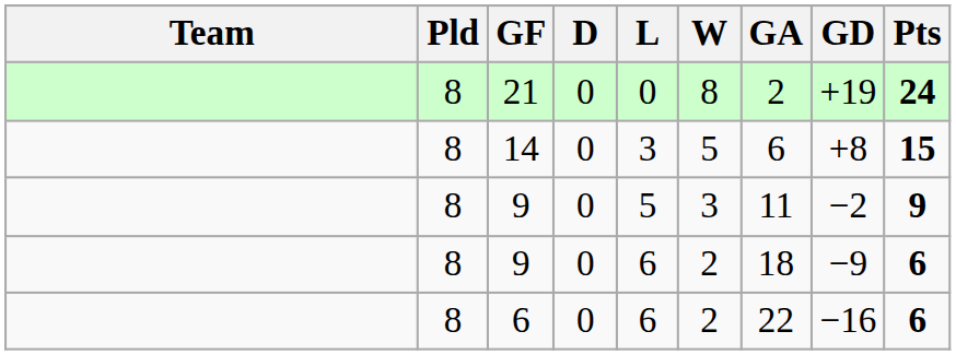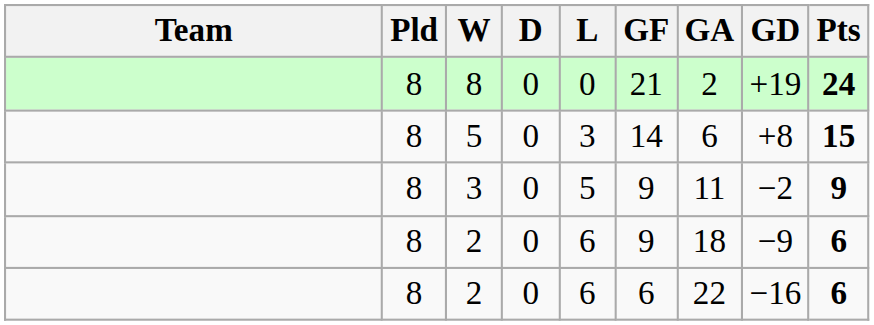 <table class="wikitable" style="text-align: center;">
 <tr>
 <th width="175">Team</th>
 <th width="20">Pld</th>
-<th width="20">GF</th>
+<th width="20">W</th>
 <th width="20">D</th>
 <th width="20">L</th>
-<th width="20">W</th>
+<th width="20">GF</th>
 <th width="20">GA</th>
 <th width="20">GD</th>
 <th width="20">Pts</th>
 </tr>
 <tr bgcolor="#ccffcc">
 <td align="left"></td>
 <td>8</td>
-<td>21</td>
+<td>8</td>
 <td>0</td>
 <td>0</td>
-<td>8</td>
+<td>21</td>
 <td>2</td>
 <td>+19</td>
 <td><strong>24</strong></td>
 </tr>
 <tr>
 <td align="left"></td>
 <td>8</td>
-<td>14</td>
+<td>5</td>
 <td>0</td>
 <td>3</td>
-<td>5</td>
+<td>14</td>
 <td>6</td>
 <td>+8</td>
 <td><strong>15</strong></td>
 </tr>
 <tr>
 <td align="left"></td>
 <td>8</td>
-<td>9</td>
+<td>3</td>
 <td>0</td>
 <td>5</td>
-<td>3</td>
+<td>9</td>
 <td>11</td>
 <td>−2</td>
 <td><strong>9</strong></td>
 </tr>
 <tr>
 <td align="left"></td>
 <td>8</td>
-<td>9</td>
+<td>2</td>
 <td>0</td>
 <td>6</td>
-<td>2</td>
+<td>9</td>
 <td>18</td>
 <td>−9</td>
 <td><strong>6</strong></td>
 </tr>
 <tr>
 <td align="left"></td>
 <td>8</td>
-<td>6</td>
+<td>2</td>
 <td>0</td>
 <td>6</td>
-<td>2</td>
+<td>6</td>
 <td>22</td>
 <td>−16</td>
 <td><strong>6</strong></td>
 </tr>
 </table>
